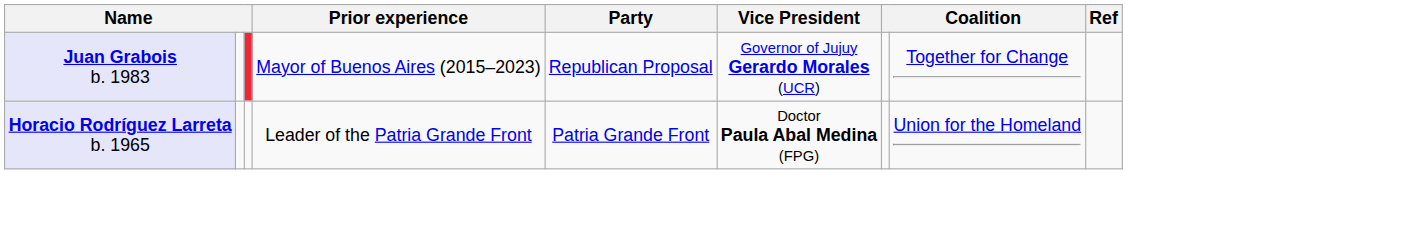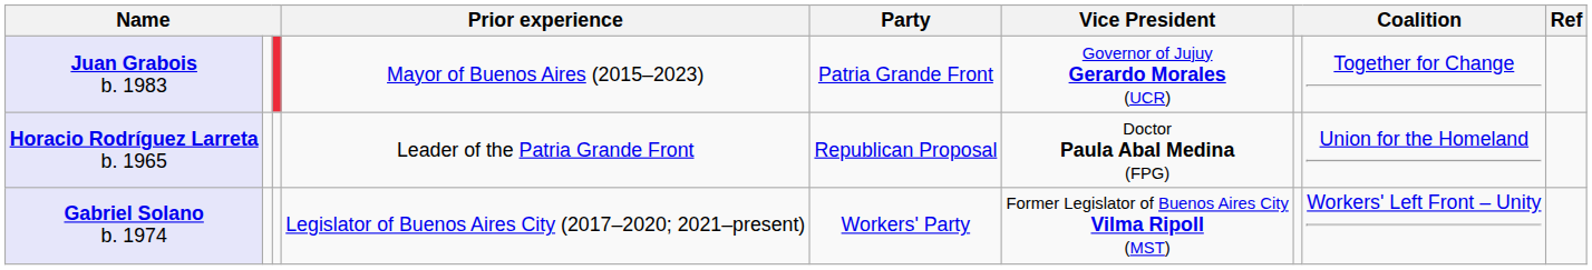 <table class="wikitable mw-collapsible mw-collapsed" style="text-align:center;">
 <tr>
 <th scope="col" colspan=3>Name<br></th>
 <th class="unsortable">Prior experience</th>
 <th>Party</th>
 <th>Vice President</th>
 <th scope="col" colspan=2>Coalition</th>
 <th>Ref</th>
 </tr>
 <tr>
 <td style="background:lavender;" data-sort-value="Grabois, Juan"><strong><a href='#'>Juan Grabois</a></strong><br>b. 1983 </td>
 <td></td>
 <td style="background:#ED2939;"></td>
 <td><a href='#'>Mayor of Buenos Aires</a> (2015–2023)<br></td>
-<td> <a href='#'>Republican Proposal</a></td>
+<td> <a href='#'>Patria Grande Front</a></td>
 <td><small><a href='#'>Governor of Jujuy</a></small><br><strong><a href='#'>Gerardo Morales</a></strong><br><small>(<a href='#'>UCR</a>)</small></td>
 <td style="background:"></td>
 <td> <a href='#'>Together for Change</a><hr></td>
 <td></td>
 </tr>
 <tr>
 <td style="background:lavender;" data-sort-value="Rodriguez Larreta, Horacio"><strong><a href='#'>Horacio Rodríguez Larreta</a></strong><br>b. 1965 </td>
 <td></td>
 <td style="background:"></td>
 <td>Leader of the <a href='#'>Patria Grande Front</a></td>
-<td> <a href='#'>Patria Grande Front</a></td>
+<td> <a href='#'>Republican Proposal</a></td>
 <td><small>Doctor</small><br><strong>Paula Abal Medina</strong><br><small>(FPG)</small></td>
 <td style="background:"></td>
 <td> <a href='#'>Union for the Homeland</a><hr></td>
 <td></td>
 </tr>
+<tr>
+<td style="background:lavender;" data-sort-value="Solano, Gabriel"><strong><a href='#'>Gabriel Solano</a></strong><br>b. 1974 </td>
+<td></td>
+<td style="background:"></td>
+<td><a href='#'>Legislator of Buenos Aires City</a> (2017–2020; 2021–present)<br></td>
+<td> <a href='#'>Workers' Party</a></td>
+<td><small>Former Legislator of <a href='#'>Buenos Aires City</a></small><br><strong><a href='#'>Vilma Ripoll</a></strong><br><small>(<a href='#'>MST</a>)</small></td>
+<td style="background:"></td>
+<td> <a href='#'>Workers' Left Front – Unity</a><hr><br></td>
+<td></td>
+</tr>
 </table>
